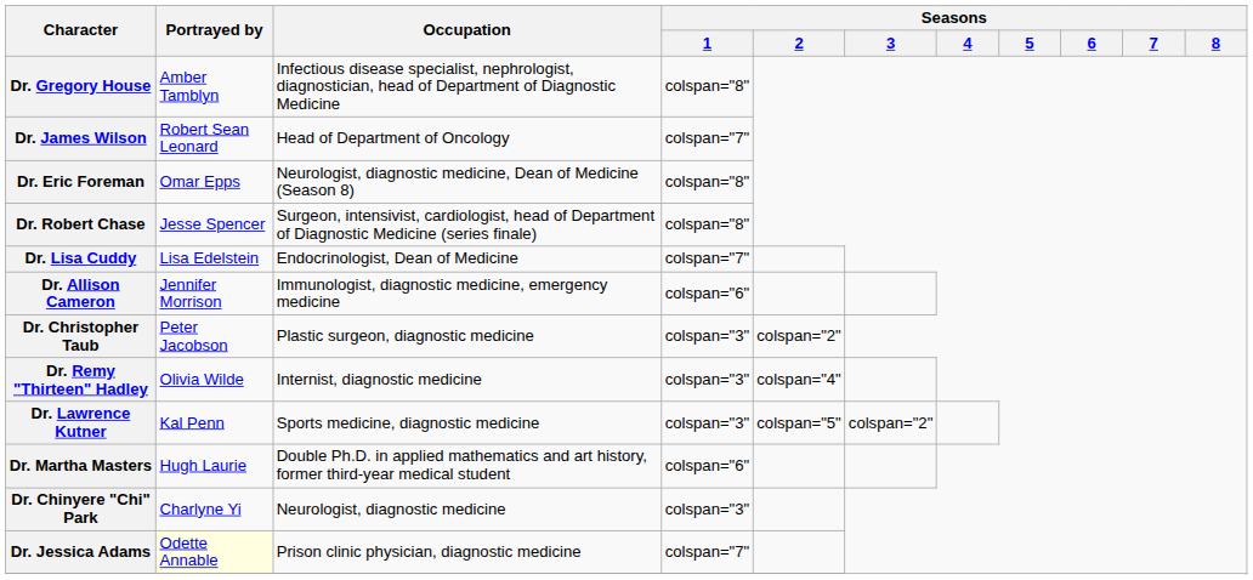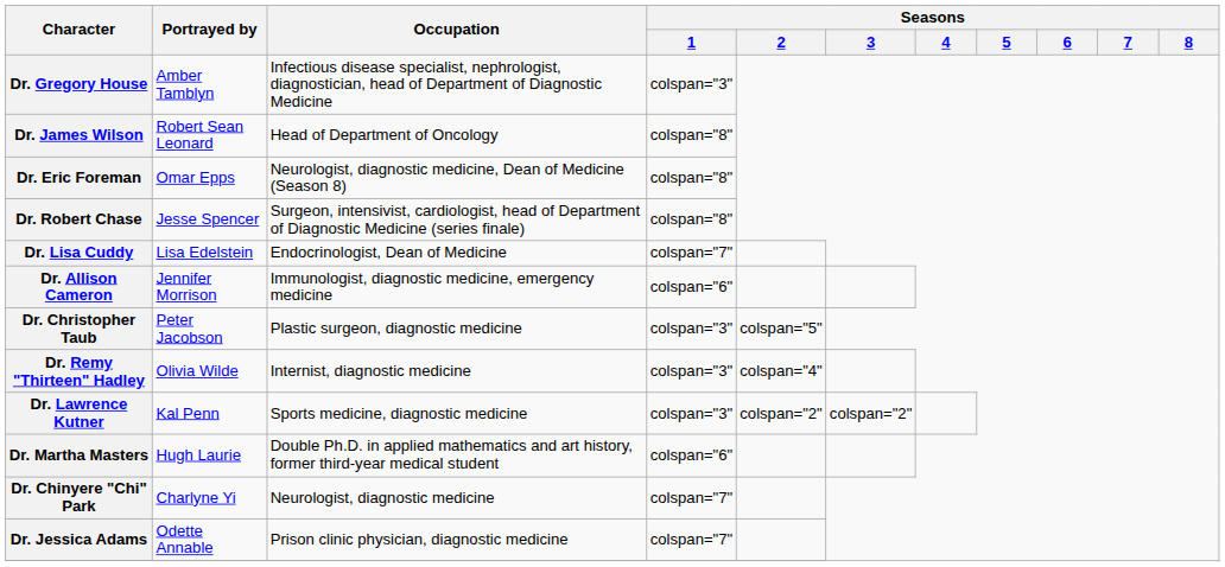 <table class="wikitable plainrowheaders">
 <tr>
 <th scope="col" rowspan="2">Character</th>
 <th scope="col" rowspan="2">Portrayed by</th>
 <th scope="col" rowspan="2">Occupation</th>
 <th scope="col" colspan="8">Seasons</th>
 </tr>
 <tr>
 <th style="width: 5%;"><a href='#'>1</a></th>
 <th style="width: 5%;"><a href='#'>2</a></th>
 <th style="width: 5%;"><a href='#'>3</a></th>
 <th style="width: 5%;"><a href='#'>4</a></th>
 <th style="width: 5%;"><a href='#'>5</a></th>
 <th style="width: 5%;"><a href='#'>6</a></th>
 <th style="width: 5%;"><a href='#'>7</a></th>
 <th style="width: 5%;"><a href='#'>8</a></th>
 </tr>
 <tr>
 <th scope="row">Dr. <a href='#'>Gregory House</a></th>
 <td><a href='#'>Amber Tamblyn</a></td>
 <td>Infectious disease specialist, nephrologist, diagnostician, head of Department of Diagnostic Medicine</td>
-<td>colspan="8" </td>
+<td>colspan="3" </td>
 </tr>
 <tr>
 <th scope="row">Dr. <a href='#'>James Wilson</a></th>
 <td><a href='#'>Robert Sean Leonard</a></td>
 <td>Head of Department of Oncology</td>
-<td>colspan="7" </td>
+<td>colspan="8" </td>
 </tr>
 <tr>
 <th scope="row">Dr. Eric Foreman</th>
 <td><a href='#'>Omar Epps</a></td>
 <td>Neurologist, diagnostic medicine, Dean of Medicine (Season 8)</td>
 <td>colspan="8" </td>
 </tr>
 <tr>
 <th scope="row">Dr. Robert Chase</th>
 <td><a href='#'>Jesse Spencer</a></td>
 <td>Surgeon, intensivist, cardiologist, head of Department of Diagnostic Medicine (series finale)</td>
 <td>colspan="8" </td>
 </tr>
 <tr>
 <th scope="row">Dr. <a href='#'>Lisa Cuddy</a></th>
 <td><a href='#'>Lisa Edelstein</a></td>
 <td>Endocrinologist, Dean of Medicine</td>
 <td>colspan="7" </td>
 <td></td>
 </tr>
 <tr>
 <th scope="row">Dr. <a href='#'>Allison Cameron</a></th>
 <td><a href='#'>Jennifer Morrison</a></td>
 <td>Immunologist, diagnostic medicine, emergency medicine</td>
 <td>colspan="6" </td>
 <td></td>
 <td></td>
 </tr>
 <tr>
 <th scope="row">Dr. Christopher Taub</th>
 <td><a href='#'>Peter Jacobson</a></td>
 <td>Plastic surgeon, diagnostic medicine</td>
 <td>colspan="3" </td>
-<td>colspan="2" </td>
+<td>colspan="5" </td>
 </tr>
 <tr>
 <th scope="row">Dr. <a href='#'>Remy "Thirteen" Hadley</a></th>
 <td><a href='#'>Olivia Wilde</a></td>
 <td>Internist, diagnostic medicine</td>
 <td>colspan="3" </td>
 <td>colspan="4" </td>
 <td></td>
 </tr>
 <tr>
 <th scope="row">Dr. <a href='#'>Lawrence Kutner</a></th>
 <td><a href='#'>Kal Penn</a></td>
 <td>Sports medicine, diagnostic medicine</td>
 <td>colspan="3" </td>
-<td>colspan="5" </td>
+<td>colspan="2" </td>
 <td>colspan="2" </td>
 <td></td>
 </tr>
 <tr>
 <th scope="row">Dr. Martha Masters</th>
 <td><a href='#'>Hugh Laurie</a></td>
 <td>Double Ph.D. in applied mathematics and art history, former third-year medical student</td>
 <td>colspan="6" </td>
 <td></td>
 <td></td>
 </tr>
 <tr>
 <th scope="row">Dr. Chinyere "Chi" Park</th>
 <td><a href='#'>Charlyne Yi</a></td>
 <td>Neurologist, diagnostic medicine</td>
-<td>colspan="3" </td>
+<td>colspan="7" </td>
 <td></td>
 </tr>
 <tr>
 <th scope="row">Dr. Jessica Adams</th>
-<td style="background: lightyellow;"><a href='#'>Odette Annable</a></td>
+<td><a href='#'>Odette Annable</a></td>
 <td>Prison clinic physician, diagnostic medicine</td>
 <td>colspan="7" </td>
 <td></td>
 </tr>
 <tr>
 </tr>
 </table>
